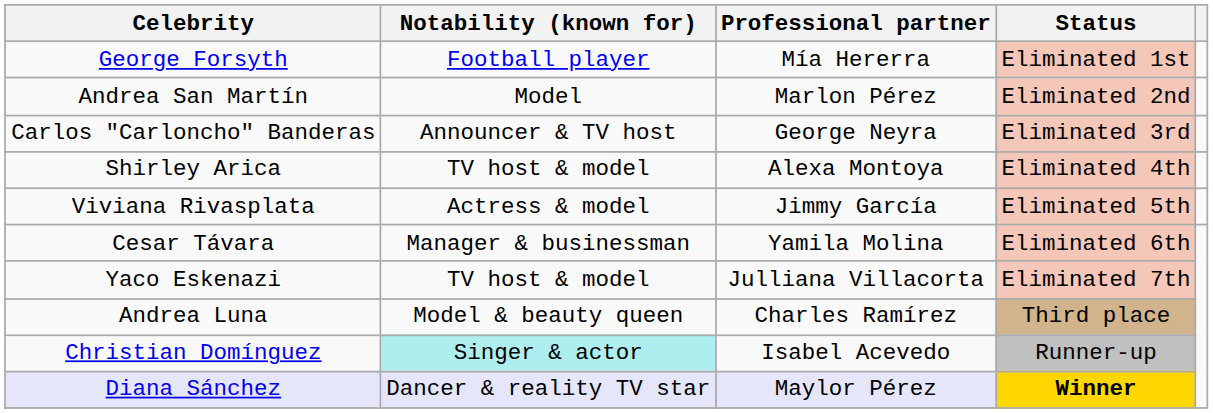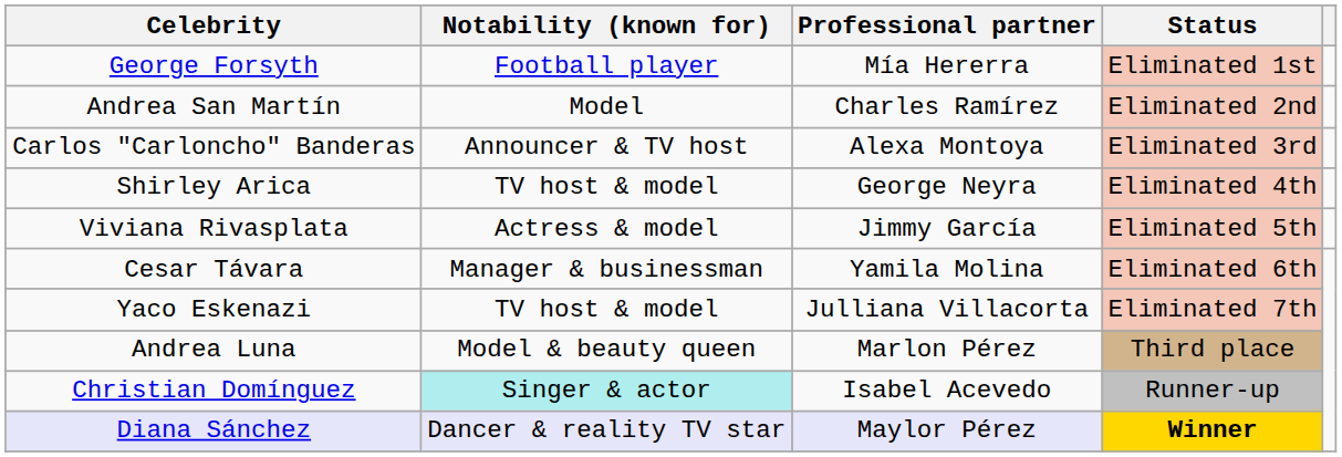 <table class= "wikitable sortable" style="text-align: center; margin:auto; align: center">
 <tr>
 <th>Celebrity</th>
 <th>Notability (known for)</th>
 <th>Professional partner</th>
 <th>Status</th>
 <th class="unsortable"></th>
 </tr>
 <tr>
 <td><a href='#'>George Forsyth</a></td>
 <td><a href='#'>Football player</a></td>
 <td>Mía Hererra</td>
 <td style="background:#f4c7b8;">Eliminated 1st<br></td>
 <td></td>
 </tr>
 <tr>
 <td>Andrea San Martín</td>
 <td>Model</td>
-<td>Marlon Pérez</td>
+<td>Charles Ramírez</td>
 <td style="background:#f4c7b8;">Eliminated 2nd<br></td>
 <td></td>
 </tr>
 <tr>
 <td>Carlos "Carloncho" Banderas</td>
 <td>Announcer & TV host</td>
-<td>George Neyra</td>
+<td>Alexa Montoya</td>
 <td style="background:#f4c7b8;">Eliminated 3rd<br></td>
 <td></td>
 </tr>
 <tr>
 <td>Shirley Arica</td>
 <td>TV host & model</td>
-<td>Alexa Montoya</td>
+<td>George Neyra</td>
 <td style="background:#f4c7b8;">Eliminated 4th<br></td>
 <td></td>
 </tr>
 <tr>
 <td>Viviana Rivasplata</td>
 <td>Actress & model</td>
 <td>Jimmy García<br></td>
 <td style="background:#f4c7b8;">Eliminated 5th<br></td>
 <td></td>
 </tr>
 <tr>
 <td>Cesar Távara</td>
 <td>Manager & businessman</td>
 <td>Yamila Molina</td>
 <td style="background:#f4c7b8;">Eliminated 6th<br></td>
 <td rowspan="5"></td>
 </tr>
 <tr>
 <td>Yaco Eskenazi</td>
 <td>TV host & model</td>
 <td>Julliana Villacorta<br></td>
 <td style="background:#f4c7b8;">Eliminated 7th<br></td>
 </tr>
 <tr>
 <td>Andrea Luna</td>
 <td>Model & beauty queen</td>
-<td>Charles Ramírez</td>
+<td>Marlon Pérez</td>
 <td style="background:tan;">Third place<br></td>
 </tr>
 <tr>
 <td><a href='#'>Christian Domínguez</a></td>
 <td style="background: paleturquoise;">Singer & actor</td>
 <td>Isabel Acevedo</td>
 <td style="background:silver;">Runner-up<br></td>
 </tr>
 <tr>
 <td style="background:lavender;"><a href='#'>Diana Sánchez</a></td>
 <td style="background:lavender;">Dancer & reality TV star</td>
 <td style="background:lavender;">Maylor Pérez</td>
 <td style="background:gold;"><strong>Winner</strong><br></td>
 </tr>
 </table>
